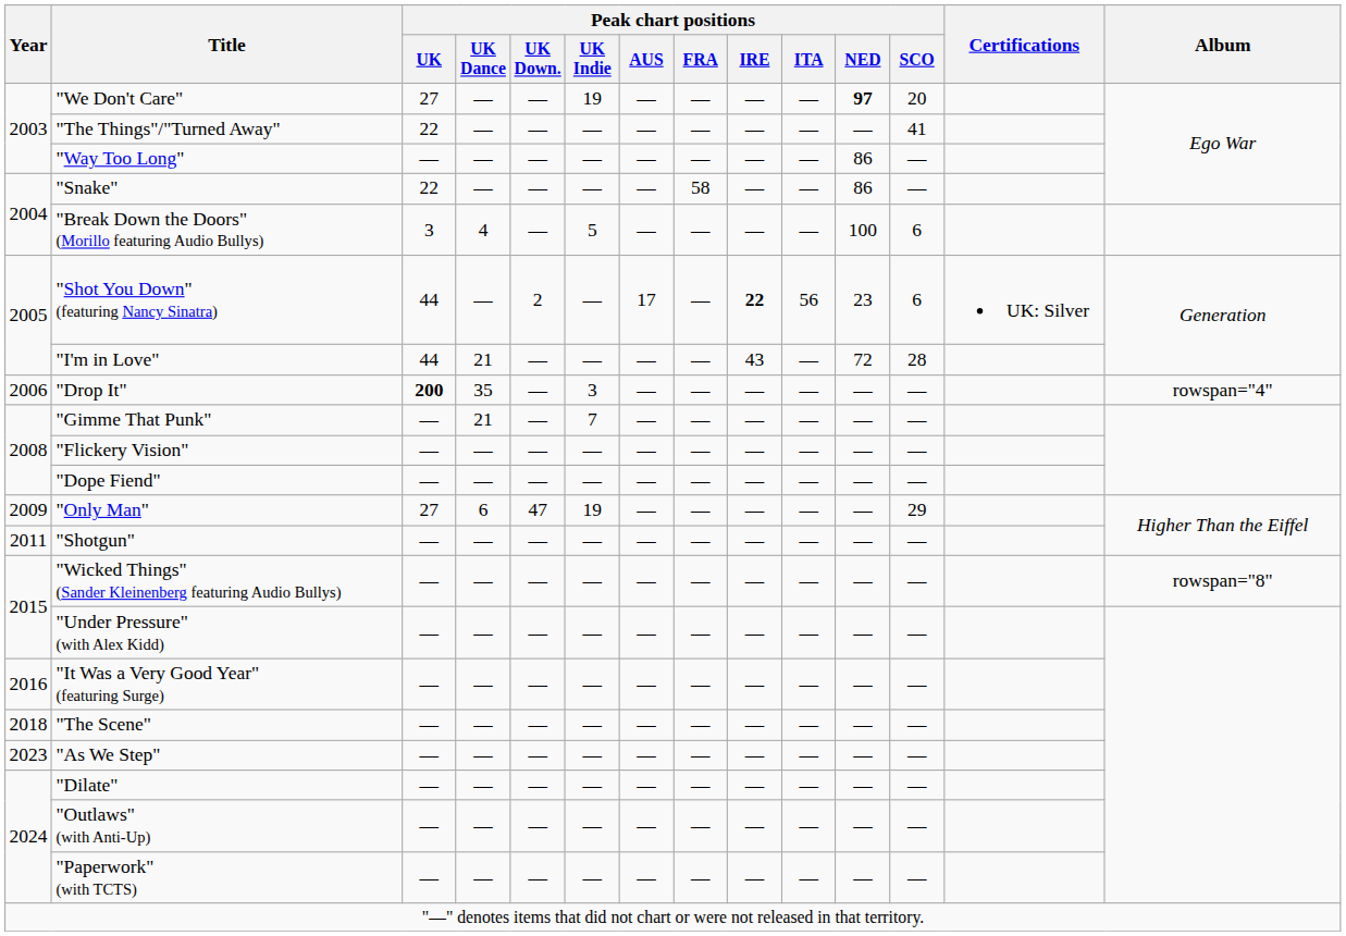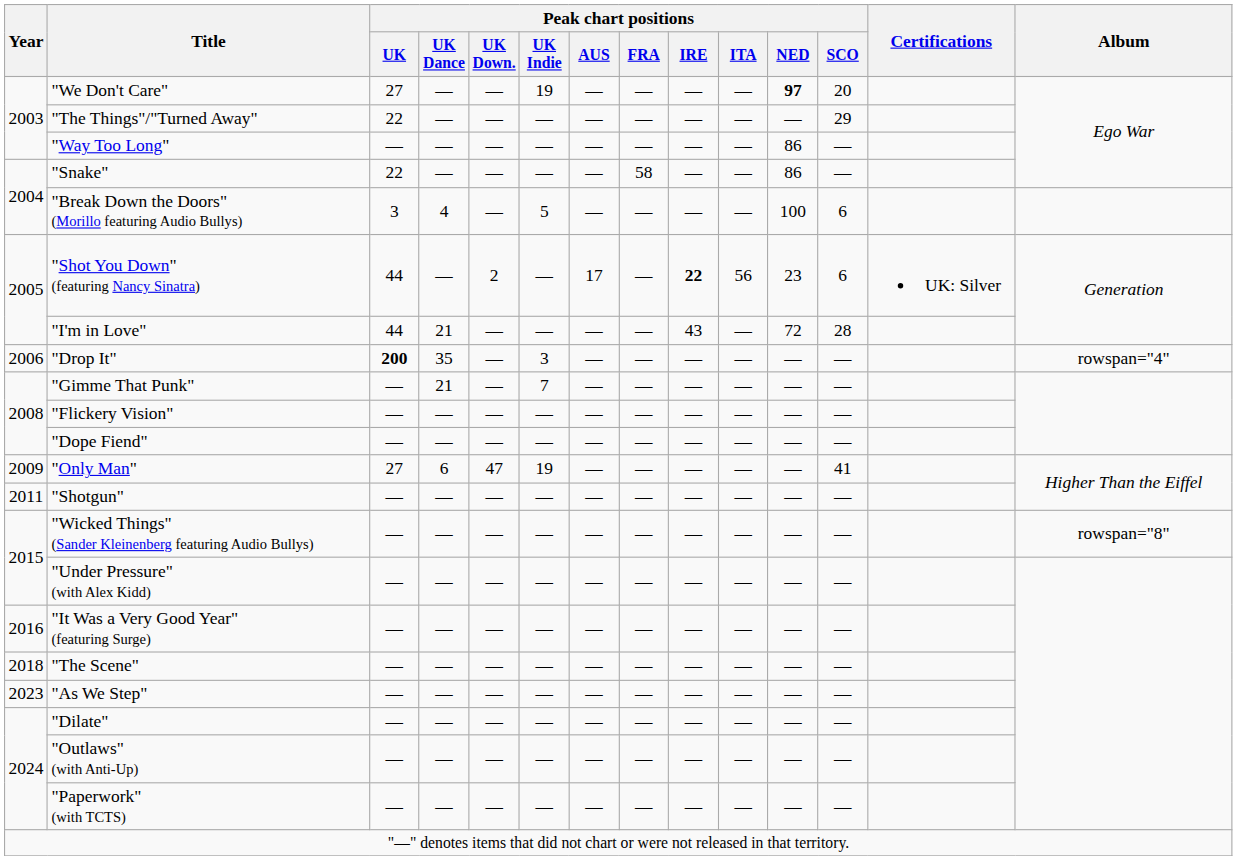 <table class="wikitable" style="text-align:center;">
 <tr>
 <th rowspan="2" style="width:2em;">Year</th>
 <th rowspan="2" style="width:18em;">Title</th>
 <th colspan="10">Peak chart positions</th>
 <th rowspan="2" style="width:8em;"><a href='#'>Certifications</a></th>
 <th rowspan="2" style="width:12em;">Album</th>
 </tr>
 <tr>
 <th scope="col" style="width:2.7em;font-size:90%;"><a href='#'>UK</a><br></th>
 <th scope="col" style="width:2.7em;font-size:90%;"><a href='#'>UK<br>Dance</a><br></th>
 <th scope="col" style="width:2.7em;font-size:90%;"><a href='#'>UK<br>Down.</a><br></th>
 <th scope="col" style="width:2.7em;font-size:90%;"><a href='#'>UK<br>Indie</a><br></th>
 <th scope="col" style="width:2.7em;font-size:90%;"><a href='#'>AUS</a><br></th>
 <th scope="col" style="width:2.7em;font-size:90%;"><a href='#'>FRA</a><br></th>
 <th scope="col" style="width:2.7em;font-size:90%;"><a href='#'>IRE</a><br></th>
 <th scope="col" style="width:2.7em;font-size:90%;"><a href='#'>ITA</a><br></th>
 <th scope="col" style="width:2.7em;font-size:90%;"><a href='#'>NED</a><br></th>
 <th scope="col" style="width:2.7em;font-size:90%;"><a href='#'>SCO</a><br></th>
 </tr>
 <tr>
 <td rowspan="3">2003</td>
 <td style="text-align:left;">"We Don't Care"</td>
 <td>27</td>
 <td>—</td>
 <td>—</td>
 <td>19</td>
 <td>—</td>
 <td>—</td>
 <td>—</td>
 <td>—</td>
 <td><strong>97</strong></td>
 <td>20</td>
 <td></td>
 <td rowspan="4"><em>Ego War</em></td>
 </tr>
 <tr>
 <td style="text-align:left;">"The Things"/"Turned Away"</td>
 <td>22</td>
 <td>—</td>
 <td>—</td>
 <td>—</td>
 <td>—</td>
 <td>—</td>
 <td>—</td>
 <td>—</td>
 <td>—</td>
-<td>41</td>
+<td>29</td>
 <td></td>
 </tr>
 <tr>
 <td style="text-align:left;">"<a href='#'>Way Too Long</a>"</td>
 <td>—</td>
 <td>—</td>
 <td>—</td>
 <td>—</td>
 <td>—</td>
 <td>—</td>
 <td>—</td>
 <td>—</td>
 <td>86</td>
 <td>—</td>
 <td></td>
 </tr>
 <tr>
 <td rowspan="2">2004</td>
 <td style="text-align:left;">"Snake"</td>
 <td>22</td>
 <td>—</td>
 <td>—</td>
 <td>—</td>
 <td>—</td>
 <td>58</td>
 <td>—</td>
 <td>—</td>
 <td>86</td>
 <td>—</td>
 <td></td>
 </tr>
 <tr>
 <td style="text-align:left;">"Break Down the Doors"<br><small>(<a href='#'>Morillo</a> featuring Audio Bullys)</small></td>
 <td>3</td>
 <td>4</td>
 <td>—</td>
 <td>5</td>
 <td>—</td>
 <td>—</td>
 <td>—</td>
 <td>—</td>
 <td>100</td>
 <td>6</td>
 <td></td>
 <td></td>
 </tr>
 <tr>
 <td rowspan="2">2005</td>
 <td style="text-align:left;">"<a href='#'>Shot You Down</a>"<br><small>(featuring <a href='#'>Nancy Sinatra</a>)</small></td>
 <td>44</td>
 <td>—</td>
 <td>2</td>
 <td>—</td>
 <td>17</td>
 <td>—</td>
 <td><strong>22</strong></td>
 <td>56</td>
 <td>23</td>
 <td>6</td>
 <td><br><ul><li>UK: Silver</li></ul></td>
 <td rowspan="2"><em>Generation</em></td>
 </tr>
 <tr>
 <td style="text-align:left;">"I'm in Love"</td>
 <td>44</td>
 <td>21</td>
 <td>—</td>
 <td>—</td>
 <td>—</td>
 <td>—</td>
 <td>43</td>
 <td>—</td>
 <td>72</td>
 <td>28</td>
 <td></td>
 </tr>
 <tr>
 <td>2006</td>
 <td style="text-align:left;">"Drop It"</td>
 <td><strong>200</strong></td>
 <td>35</td>
 <td>—</td>
 <td>3</td>
 <td>—</td>
 <td>—</td>
 <td>—</td>
 <td>—</td>
 <td>—</td>
 <td>—</td>
 <td></td>
 <td>rowspan="4" </td>
 </tr>
 <tr>
 <td rowspan="3">2008</td>
 <td style="text-align:left;">"Gimme That Punk"</td>
 <td>—</td>
 <td>21</td>
 <td>—</td>
 <td>7</td>
 <td>—</td>
 <td>—</td>
 <td>—</td>
 <td>—</td>
 <td>—</td>
 <td>—</td>
 <td></td>
 </tr>
 <tr>
 <td style="text-align:left;">"Flickery Vision"</td>
 <td>—</td>
 <td>—</td>
 <td>—</td>
 <td>—</td>
 <td>—</td>
 <td>—</td>
 <td>—</td>
 <td>—</td>
 <td>—</td>
 <td>—</td>
 <td></td>
 </tr>
 <tr>
 <td style="text-align:left;">"Dope Fiend"</td>
 <td>—</td>
 <td>—</td>
 <td>—</td>
 <td>—</td>
 <td>—</td>
 <td>—</td>
 <td>—</td>
 <td>—</td>
 <td>—</td>
 <td>—</td>
 <td></td>
 </tr>
 <tr>
 <td>2009</td>
 <td style="text-align:left;">"<a href='#'>Only Man</a>"</td>
 <td>27</td>
 <td>6</td>
 <td>47</td>
 <td>19</td>
 <td>—</td>
 <td>—</td>
 <td>—</td>
 <td>—</td>
 <td>—</td>
-<td>29</td>
+<td>41</td>
 <td></td>
 <td rowspan="2"><em>Higher Than the Eiffel</em></td>
 </tr>
 <tr>
 <td>2011</td>
 <td style="text-align:left;">"Shotgun"</td>
 <td>—</td>
 <td>—</td>
 <td>—</td>
 <td>—</td>
 <td>—</td>
 <td>—</td>
 <td>—</td>
 <td>—</td>
 <td>—</td>
 <td>—</td>
 <td></td>
 </tr>
 <tr>
 <td rowspan="2">2015</td>
 <td style="text-align:left;">"Wicked Things"<br><small>(<a href='#'>Sander Kleinenberg</a> featuring Audio Bullys)</small></td>
 <td>—</td>
 <td>—</td>
 <td>—</td>
 <td>—</td>
 <td>—</td>
 <td>—</td>
 <td>—</td>
 <td>—</td>
 <td>—</td>
 <td>—</td>
 <td></td>
 <td>rowspan="8" </td>
 </tr>
 <tr>
 <td style="text-align:left;">"Under Pressure"<br><small>(with Alex Kidd)</small></td>
 <td>—</td>
 <td>—</td>
 <td>—</td>
 <td>—</td>
 <td>—</td>
 <td>—</td>
 <td>—</td>
 <td>—</td>
 <td>—</td>
 <td>—</td>
 <td></td>
 </tr>
 <tr>
 <td>2016</td>
 <td style="text-align:left;">"It Was a Very Good Year"<br><small>(featuring Surge)</small></td>
 <td>—</td>
 <td>—</td>
 <td>—</td>
 <td>—</td>
 <td>—</td>
 <td>—</td>
 <td>—</td>
 <td>—</td>
 <td>—</td>
 <td>—</td>
 <td></td>
 </tr>
 <tr>
 <td>2018</td>
 <td style="text-align:left;">"The Scene"</td>
 <td>—</td>
 <td>—</td>
 <td>—</td>
 <td>—</td>
 <td>—</td>
 <td>—</td>
 <td>—</td>
 <td>—</td>
 <td>—</td>
 <td>—</td>
 <td></td>
 </tr>
 <tr>
 <td>2023</td>
 <td style="text-align:left;">"As We Step"</td>
 <td>—</td>
 <td>—</td>
 <td>—</td>
 <td>—</td>
 <td>—</td>
 <td>—</td>
 <td>—</td>
 <td>—</td>
 <td>—</td>
 <td>—</td>
 <td></td>
 </tr>
 <tr>
 <td rowspan="3">2024</td>
 <td style="text-align:left;">"Dilate"</td>
 <td>—</td>
 <td>—</td>
 <td>—</td>
 <td>—</td>
 <td>—</td>
 <td>—</td>
 <td>—</td>
 <td>—</td>
 <td>—</td>
 <td>—</td>
 <td></td>
 </tr>
 <tr>
 <td style="text-align:left;">"Outlaws"<br><small>(with Anti-Up)</small></td>
 <td>—</td>
 <td>—</td>
 <td>—</td>
 <td>—</td>
 <td>—</td>
 <td>—</td>
 <td>—</td>
 <td>—</td>
 <td>—</td>
 <td>—</td>
 <td></td>
 </tr>
 <tr>
 <td style="text-align:left;">"Paperwork"<br><small>(with TCTS)</small></td>
 <td>—</td>
 <td>—</td>
 <td>—</td>
 <td>—</td>
 <td>—</td>
 <td>—</td>
 <td>—</td>
 <td>—</td>
 <td>—</td>
 <td>—</td>
 <td></td>
 </tr>
 <tr>
 <td colspan="15" style="font-size:90%">"—" denotes items that did not chart or were not released in that territory.</td>
 </tr>
 </table>
